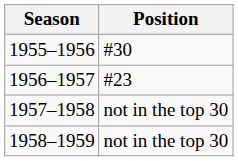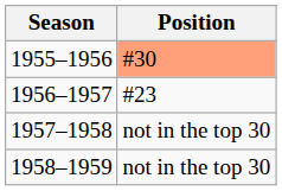 <table class="wikitable">
 <tr>
 <th>Season</th>
 <th>Position</th>
 </tr>
 <tr>
 <td>1955–1956</td>
-<td>#30</td>
+<td style="background: lightsalmon;">#30</td>
 </tr>
 <tr>
 <td>1956–1957</td>
 <td>#23</td>
 </tr>
 <tr>
 <td>1957–1958</td>
 <td>not in the top 30</td>
 </tr>
 <tr>
 <td>1958–1959</td>
 <td>not in the top 30</td>
 </tr>
 </table>
